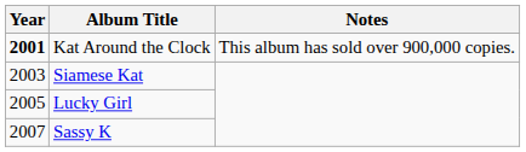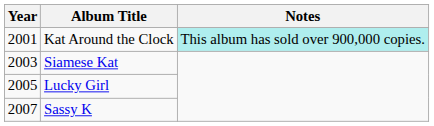 <table class="wikitable">
 <tr>
 <th>Year</th>
 <th>Album Title</th>
 <th>Notes</th>
 </tr>
 <tr>
-<td><strong>2001</strong></td>
+<td>2001</td>
 <td>Kat Around the Clock</td>
-<td>This album has sold over 900,000 copies.</td>
+<td style="background: paleturquoise;">This album has sold over 900,000 copies.</td>
 </tr>
 <tr>
 <td>2003</td>
 <td><a href='#'>Siamese Kat</a></td>
 </tr>
 <tr>
 <td>2005</td>
 <td><a href='#'>Lucky Girl</a></td>
 </tr>
 <tr>
 <td>2007</td>
 <td><a href='#'>Sassy K</a></td>
 </tr>
 </table>
